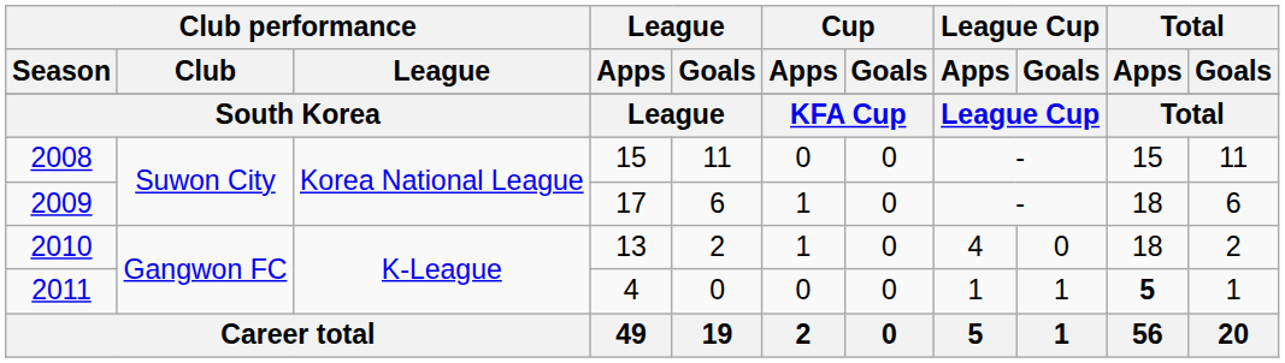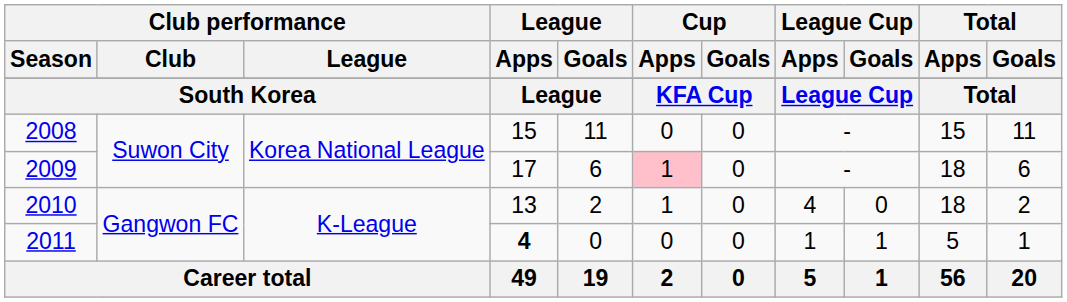 <table class="wikitable" style="text-align:center">
 <tr>
 <th colspan=3>Club performance</th>
 <th colspan=2>League</th>
 <th colspan=2>Cup</th>
 <th colspan=2>League Cup</th>
 <th colspan=2>Total</th>
 </tr>
 <tr>
 <th>Season</th>
 <th>Club</th>
 <th>League</th>
 <th>Apps</th>
 <th>Goals</th>
 <th>Apps</th>
 <th>Goals</th>
 <th>Apps</th>
 <th>Goals</th>
 <th>Apps</th>
 <th>Goals</th>
 </tr>
 <tr>
 </tr>
 <tr>
 <th colspan=3>South Korea</th>
 <th colspan=2>League</th>
 <th colspan=2><a href='#'>KFA Cup</a></th>
 <th colspan=2><a href='#'>League Cup</a></th>
 <th colspan=2>Total</th>
 </tr>
 <tr>
 <td><a href='#'>2008</a></td>
 <td rowspan="2"><a href='#'>Suwon City</a></td>
 <td rowspan="2"><a href='#'>Korea National League</a></td>
 <td>15</td>
 <td>11</td>
 <td>0</td>
 <td>0</td>
 <td colspan="2">-</td>
 <td>15</td>
 <td>11</td>
 </tr>
 <tr>
 <td><a href='#'>2009</a></td>
 <td>17</td>
 <td>6</td>
-<td>1</td>
+<td style="background: pink;">1</td>
 <td>0</td>
 <td colspan="2">-</td>
 <td>18</td>
 <td>6</td>
 </tr>
 <tr>
 <td><a href='#'>2010</a></td>
 <td rowspan=2><a href='#'>Gangwon FC</a></td>
 <td rowspan="2"><a href='#'>K-League</a></td>
 <td>13</td>
 <td>2</td>
 <td>1</td>
 <td>0</td>
 <td>4</td>
 <td>0</td>
 <td>18</td>
 <td>2</td>
 </tr>
 <tr>
 <td><a href='#'>2011</a></td>
-<td>4</td>
+<td><strong>4</strong></td>
 <td>0</td>
 <td>0</td>
 <td>0</td>
 <td>1</td>
 <td>1</td>
-<td><strong>5</strong></td>
+<td>5</td>
 <td>1</td>
 </tr>
 <tr>
 <th colspan=3>Career total</th>
 <th>49</th>
 <th>19</th>
 <th>2</th>
 <th>0</th>
 <th>5</th>
 <th>1</th>
 <th>56</th>
 <th>20</th>
 </tr>
 </table>
